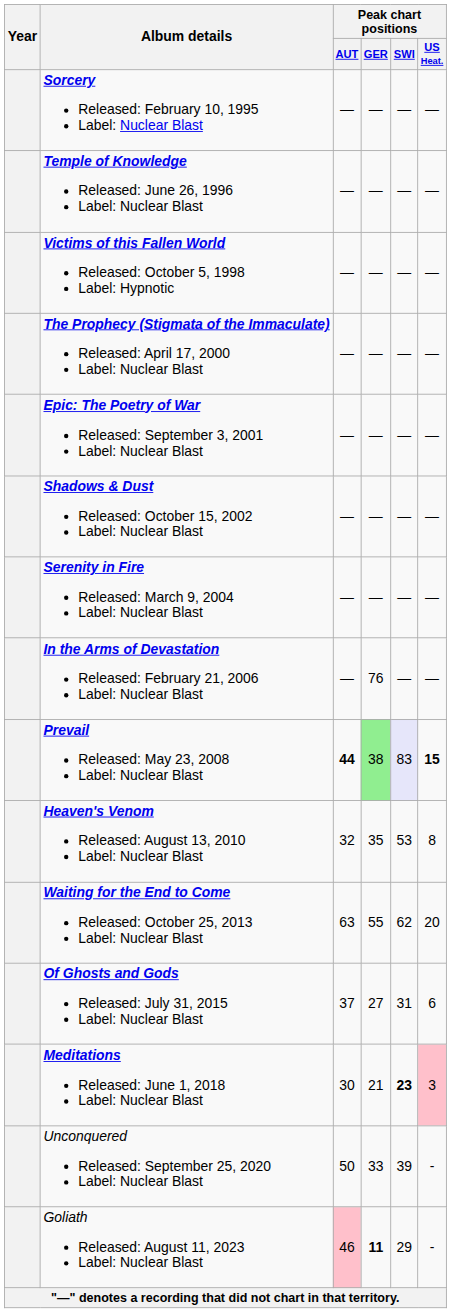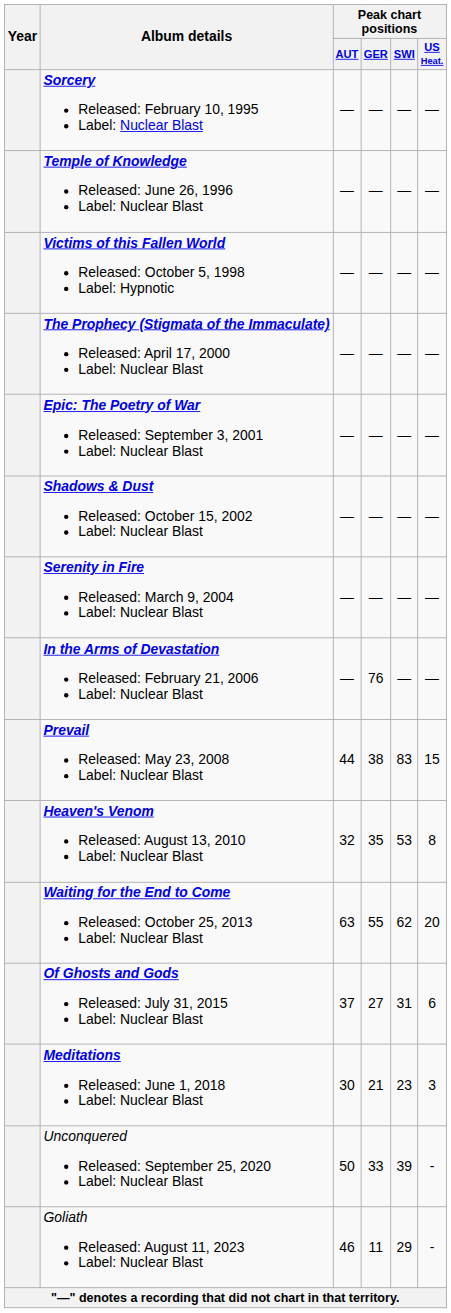 <table class="wikitable plainrowheaders sortable"  style="text-align:center;">
 <tr>
 <th rowspan="2">Year</th>
 <th rowspan="2">Album details</th>
 <th colspan="6" class="unsortable" style="font-size:90%;">Peak chart positions</th>
 </tr>
 <tr>
 <th style="width:2em;font-size:80%;" data-sort-type="number"><a href='#'>AUT</a><br></th>
 <th style="width:2em;font-size:80%;" data-sort-type="number"><a href='#'>GER</a><br></th>
 <th style="width:2em;font-size:80%;" data-sort-type="number"><a href='#'>SWI</a><br></th>
 <th style="width:2em;font-size:80%;" data-sort-type="number"><a href='#'>US<br><small>Heat.</small></a><br></th>
 </tr>
 <tr>
 <th></th>
 <td align=left><strong><em><a href='#'>Sorcery</a></em></strong><br><ul><li>Released: February 10, 1995</li><li>Label: <a href='#'>Nuclear Blast</a></li></ul></td>
 <td>—</td>
 <td>—</td>
 <td>—</td>
 <td>—</td>
 </tr>
 <tr>
 <th></th>
 <td align=left><strong><em><a href='#'>Temple of Knowledge</a></em></strong><br><ul><li>Released: June 26, 1996</li><li>Label: Nuclear Blast</li></ul></td>
 <td>—</td>
 <td>—</td>
 <td>—</td>
 <td>—</td>
 </tr>
 <tr>
 <th></th>
 <td align=left><strong><em><a href='#'>Victims of this Fallen World</a></em></strong><br><ul><li>Released: October 5, 1998</li><li>Label: Hypnotic</li></ul></td>
 <td>—</td>
 <td>—</td>
 <td>—</td>
 <td>—</td>
 </tr>
 <tr>
 <th></th>
 <td align=left><strong><em><a href='#'>The Prophecy (Stigmata of the Immaculate)</a></em></strong><br><ul><li>Released: April 17, 2000</li><li>Label: Nuclear Blast</li></ul></td>
 <td>—</td>
 <td>—</td>
 <td>—</td>
 <td>—</td>
 </tr>
 <tr>
 <th></th>
 <td align=left><strong><em><a href='#'>Epic: The Poetry of War</a></em></strong><br><ul><li>Released: September 3, 2001</li><li>Label: Nuclear Blast</li></ul></td>
 <td>—</td>
 <td>—</td>
 <td>—</td>
 <td>—</td>
 </tr>
 <tr>
 <th></th>
 <td align=left><strong><em><a href='#'>Shadows & Dust</a></em></strong><br><ul><li>Released: October 15, 2002</li><li>Label: Nuclear Blast</li></ul></td>
 <td>—</td>
 <td>—</td>
 <td>—</td>
 <td>—</td>
 </tr>
 <tr>
 <th></th>
 <td align=left><strong><em><a href='#'>Serenity in Fire</a></em></strong><br><ul><li>Released: March 9, 2004</li><li>Label: Nuclear Blast</li></ul></td>
 <td>—</td>
 <td>—</td>
 <td>—</td>
 <td>—</td>
 </tr>
 <tr>
 <th></th>
 <td align=left><strong><em><a href='#'>In the Arms of Devastation</a></em></strong><br><ul><li>Released: February 21, 2006</li><li>Label: Nuclear Blast</li></ul></td>
 <td>—</td>
 <td>76</td>
 <td>—</td>
 <td>—</td>
 </tr>
 <tr>
 <th></th>
 <td align=left><strong><em><a href='#'>Prevail</a></em></strong><br><ul><li>Released: May 23, 2008</li><li>Label: Nuclear Blast</li></ul></td>
-<td><strong>44</strong></td>
-<td style="background: lightgreen;">38</td>
-<td style="background: lavender;">83</td>
-<td><strong>15</strong></td>
+<td>44</td>
+<td>38</td>
+<td>83</td>
+<td>15</td>
 </tr>
 <tr>
 <th></th>
 <td align=left><strong><em><a href='#'>Heaven's Venom</a></em></strong><br><ul><li>Released: August 13, 2010</li><li>Label: Nuclear Blast</li></ul></td>
 <td>32</td>
 <td>35</td>
 <td>53</td>
 <td>8</td>
 </tr>
 <tr>
 <th></th>
 <td align=left><strong><em><a href='#'>Waiting for the End to Come</a></em></strong><br><ul><li>Released: October 25, 2013</li><li>Label: Nuclear Blast</li></ul></td>
 <td>63</td>
 <td>55</td>
 <td>62</td>
 <td>20</td>
 </tr>
 <tr>
 <th></th>
 <td align=left><strong><em><a href='#'>Of Ghosts and Gods</a></em></strong><br><ul><li>Released: July 31, 2015</li><li>Label: Nuclear Blast</li></ul></td>
 <td>37</td>
 <td>27</td>
 <td>31</td>
 <td>6</td>
 </tr>
 <tr>
 <th></th>
 <td align=left><strong><em><a href='#'>Meditations</a></em></strong><br><ul><li>Released: June 1, 2018</li><li>Label: Nuclear Blast</li></ul></td>
 <td>30</td>
 <td>21</td>
-<td><strong>23</strong></td>
-<td style="background: pink;">3</td>
+<td>23</td>
+<td>3</td>
 </tr>
 <tr>
 <th></th>
 <td align=left><em>Unconquered</em><br><ul><li>Released: September 25, 2020</li><li>Label: Nuclear Blast</li></ul></td>
 <td>50</td>
 <td>33</td>
 <td>39</td>
 <td>-</td>
 </tr>
 <tr>
 <th></th>
 <td align=left><em>Goliath</em><br><ul><li>Released: August 11, 2023</li><li>Label: Nuclear Blast</li></ul></td>
-<td style="background: pink;">46</td>
-<td><strong>11</strong></td>
+<td>46</td>
+<td>11</td>
 <td>29</td>
 <td>-</td>
 </tr>
 <tr>
 <th colspan="15" style="font-size:90%">"—" denotes a recording that did not chart in that territory.</th>
 </tr>
 </table>
